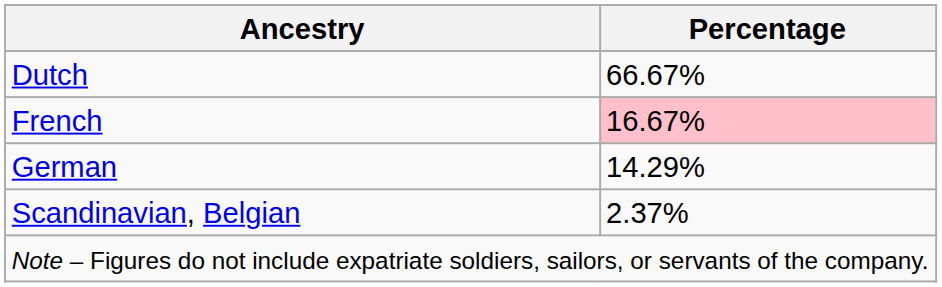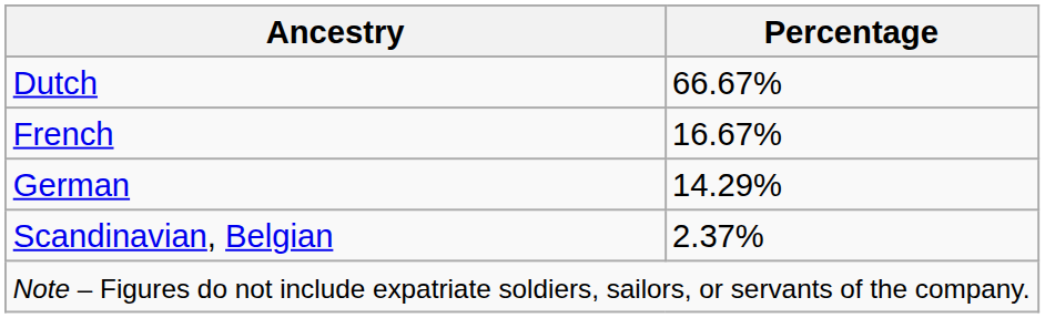 <table class="sort wikitable sortable" style="font-size: 95%">
 <tr>
 <th>Ancestry</th>
 <th>Percentage</th>
 </tr>
 <tr>
 <td><a href='#'>Dutch</a></td>
 <td>66.67%</td>
 </tr>
 <tr>
 <td><a href='#'>French</a></td>
-<td style="background: pink;">16.67%</td>
+<td>16.67%</td>
 </tr>
 <tr>
 <td><a href='#'>German</a></td>
 <td>14.29%</td>
 </tr>
 <tr>
 <td><a href='#'>Scandinavian</a>, <a href='#'>Belgian</a></td>
 <td>2.37%</td>
 </tr>
 <tr>
 <td colspan=2><small> <em>Note</em> – Figures do not include expatriate soldiers, sailors, or servants of the company.</small></td>
 </tr>
 </table>
